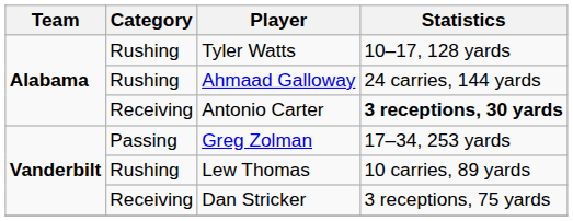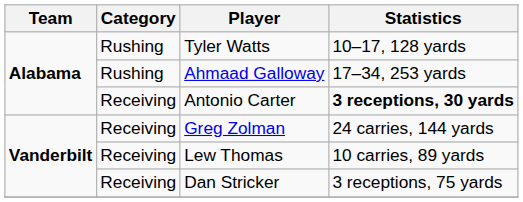 <table class="wikitable" style="float: right;">
 <tr>
 <th>Team</th>
 <th>Category</th>
 <th>Player</th>
 <th>Statistics</th>
 </tr>
 <tr>
 <td rowspan=3><strong>Alabama</strong></td>
 <td>Rushing</td>
 <td>Tyler Watts</td>
 <td>10–17, 128 yards</td>
 </tr>
 <tr>
 <td>Rushing</td>
 <td><a href='#'>Ahmaad Galloway</a></td>
-<td>24 carries, 144 yards</td>
+<td>17–34, 253 yards</td>
 </tr>
 <tr>
 <td>Receiving</td>
 <td>Antonio Carter</td>
 <td><strong>3 receptions, 30 yards</strong></td>
 </tr>
 <tr>
 <td rowspan=3><strong>Vanderbilt</strong></td>
-<td>Passing</td>
+<td>Receiving</td>
 <td><a href='#'>Greg Zolman</a></td>
-<td>17–34, 253 yards</td>
+<td>24 carries, 144 yards</td>
 </tr>
 <tr>
-<td>Rushing</td>
+<td>Receiving</td>
 <td>Lew Thomas</td>
 <td>10 carries, 89 yards</td>
 </tr>
 <tr>
 <td>Receiving</td>
 <td>Dan Stricker</td>
 <td>3 receptions, 75 yards</td>
 </tr>
 <tr>
 </tr>
 </table>
